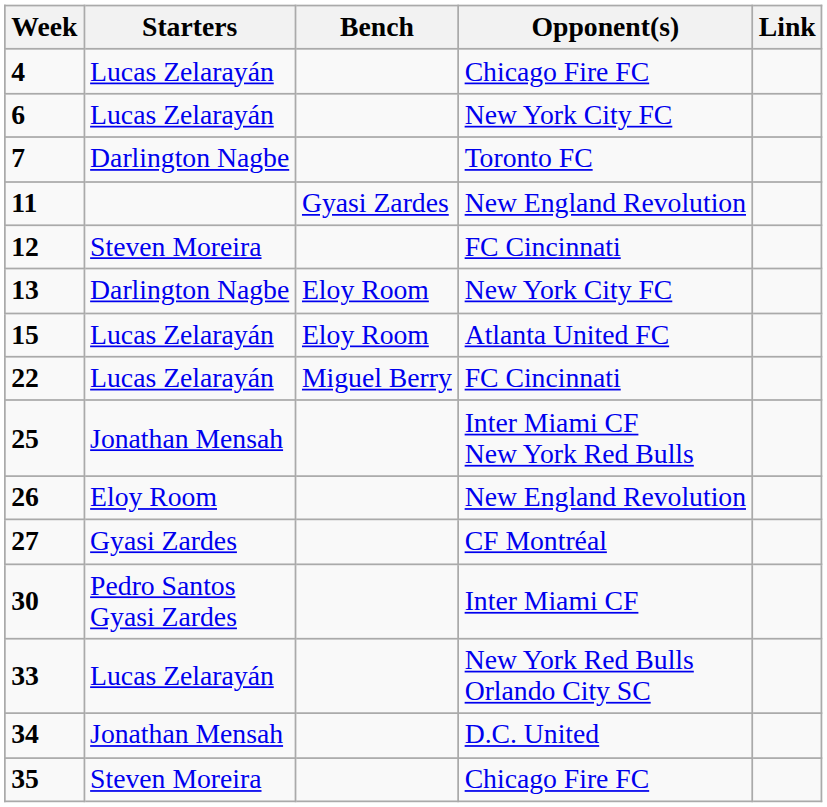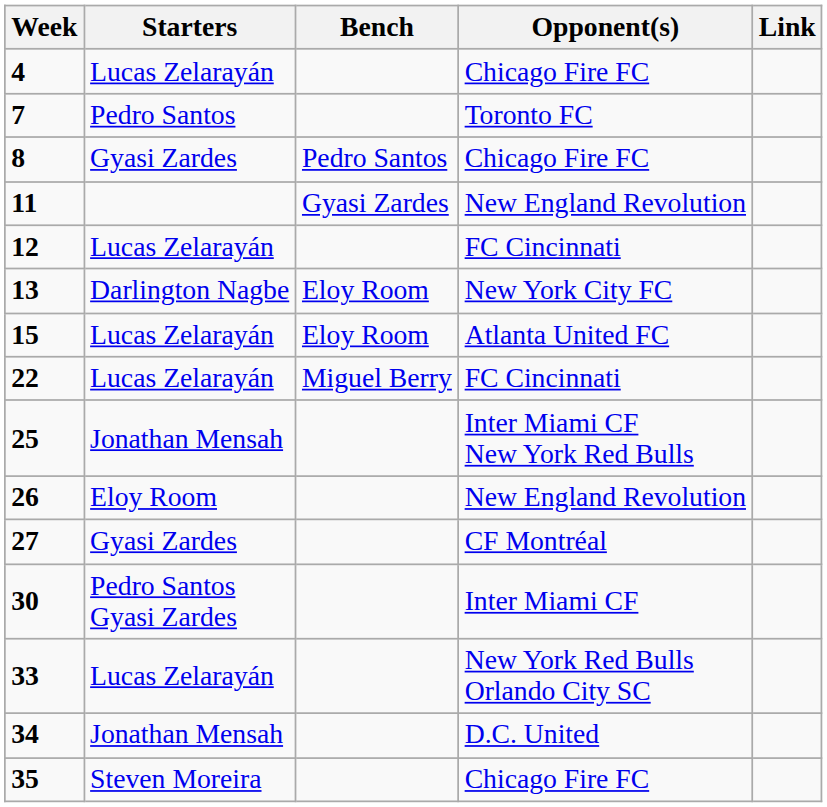 <table class=wikitable style="display:inline-table;">
 <tr>
 <th>Week</th>
 <th>Starters</th>
 <th>Bench</th>
 <th>Opponent(s)</th>
 <th>Link</th>
 </tr>
 <tr>
 <td><strong>4</strong></td>
 <td> <a href='#'>Lucas Zelarayán</a></td>
 <td></td>
 <td> <a href='#'>Chicago Fire FC</a></td>
 <td></td>
 </tr>
 <tr>
-<td><strong>6</strong></td>
-<td> <a href='#'>Lucas Zelarayán</a></td>
+<td><strong>7</strong></td>
+<td> <a href='#'>Pedro Santos</a></td>
 <td></td>
-<td> <a href='#'>New York City FC</a></td>
+<td> <a href='#'>Toronto FC</a></td>
 <td></td>
 </tr>
 <tr>
-<td><strong>7</strong></td>
-<td> <a href='#'>Darlington Nagbe</a></td>
-<td></td>
-<td> <a href='#'>Toronto FC</a></td>
+<td><strong>8</strong></td>
+<td> <a href='#'>Gyasi Zardes</a></td>
+<td> <a href='#'>Pedro Santos</a></td>
+<td> <a href='#'>Chicago Fire FC</a></td>
 <td></td>
 </tr>
 <tr>
 <td><strong>11</strong></td>
 <td></td>
 <td> <a href='#'>Gyasi Zardes</a></td>
 <td> <a href='#'>New England Revolution</a></td>
 <td></td>
 </tr>
 <tr>
 <td><strong>12</strong></td>
-<td> <a href='#'>Steven Moreira</a></td>
+<td> <a href='#'>Lucas Zelarayán</a></td>
 <td></td>
 <td> <a href='#'>FC Cincinnati</a></td>
 <td></td>
 </tr>
 <tr>
 <td><strong>13</strong></td>
 <td> <a href='#'>Darlington Nagbe</a></td>
 <td> <a href='#'>Eloy Room</a></td>
 <td> <a href='#'>New York City FC</a></td>
 <td></td>
 </tr>
 <tr>
 <td><strong>15</strong></td>
 <td> <a href='#'>Lucas Zelarayán</a></td>
 <td> <a href='#'>Eloy Room</a></td>
 <td> <a href='#'>Atlanta United FC</a></td>
 <td></td>
 </tr>
 <tr>
 <td><strong>22</strong></td>
 <td> <a href='#'>Lucas Zelarayán</a></td>
 <td> <a href='#'>Miguel Berry</a></td>
 <td> <a href='#'>FC Cincinnati</a></td>
 <td></td>
 </tr>
 <tr>
 <td><strong>25</strong></td>
 <td> <a href='#'>Jonathan Mensah</a></td>
 <td></td>
 <td> <a href='#'>Inter Miami CF</a><br> <a href='#'>New York Red Bulls</a></td>
 <td></td>
 </tr>
 <tr>
 <td><strong>26</strong></td>
 <td> <a href='#'>Eloy Room</a></td>
 <td></td>
 <td> <a href='#'>New England Revolution</a></td>
 <td></td>
 </tr>
 <tr>
 <td><strong>27</strong></td>
 <td> <a href='#'>Gyasi Zardes</a></td>
 <td></td>
 <td> <a href='#'>CF Montréal</a></td>
 <td></td>
 </tr>
 <tr>
 <td><strong>30</strong></td>
 <td> <a href='#'>Pedro Santos</a><br> <a href='#'>Gyasi Zardes</a></td>
 <td></td>
 <td> <a href='#'>Inter Miami CF</a></td>
 <td></td>
 </tr>
 <tr>
 <td><strong>33</strong></td>
 <td> <a href='#'>Lucas Zelarayán</a></td>
 <td></td>
 <td> <a href='#'>New York Red Bulls</a><br> <a href='#'>Orlando City SC</a></td>
 <td></td>
 </tr>
 <tr>
 <td><strong>34</strong></td>
 <td> <a href='#'>Jonathan Mensah</a></td>
 <td></td>
 <td> <a href='#'>D.C. United</a></td>
 <td></td>
 </tr>
 <tr>
 <td><strong>35</strong></td>
 <td> <a href='#'>Steven Moreira</a></td>
 <td></td>
 <td> <a href='#'>Chicago Fire FC</a></td>
 <td></td>
 </tr>
 </table>
